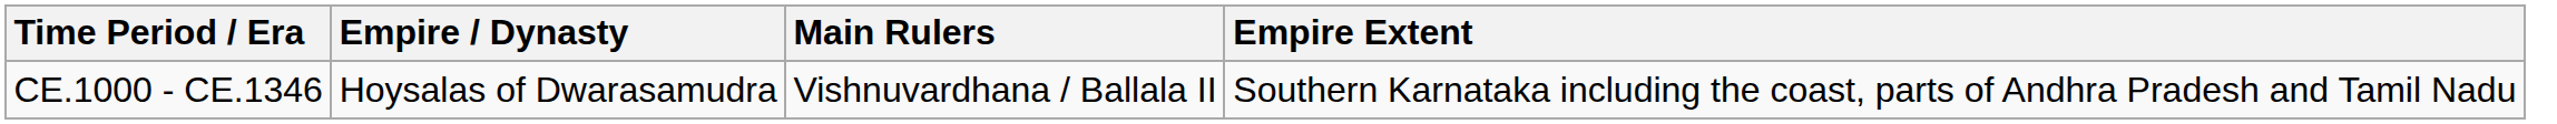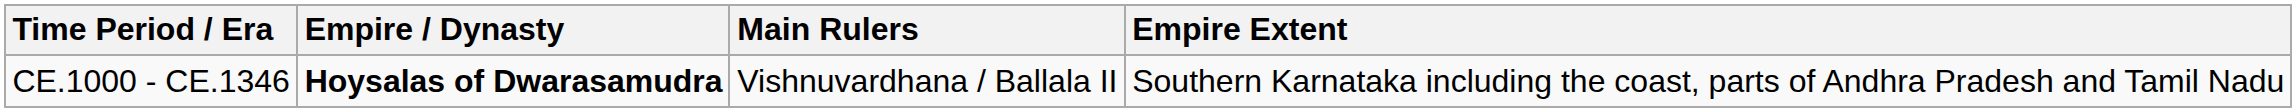 <table class="wikitable">
 <tr>
 <th style="text-align: left;">Time Period / Era</th>
 <th style="text-align: left;">Empire / Dynasty</th>
 <th style="text-align: left;">Main Rulers</th>
 <th style="text-align: left;">Empire Extent</th>
 </tr>
 <tr>
 <td>CE.1000 - CE.1346</td>
-<td>Hoysalas of Dwarasamudra</td>
+<td><strong>Hoysalas of Dwarasamudra</strong></td>
 <td>Vishnuvardhana / Ballala II</td>
 <td>Southern Karnataka including the coast, parts of Andhra Pradesh and Tamil Nadu</td>
 </tr>
 <tr>
 </tr>
 </table>
